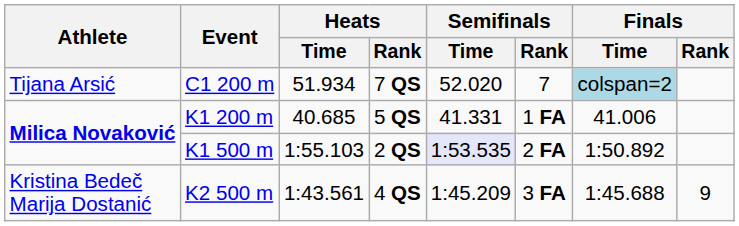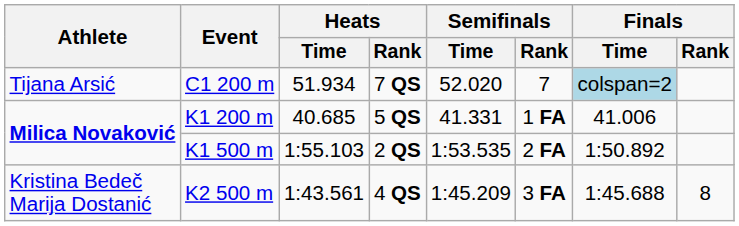 <table class="wikitable" style="font-size:90%">
 <tr>
 <th rowspan="2">Athlete</th>
 <th rowspan="2">Event</th>
 <th colspan=2>Heats</th>
 <th colspan=2>Semifinals</th>
 <th colspan=2>Finals</th>
 </tr>
 <tr style="font-size:95%">
 <th>Time</th>
 <th>Rank</th>
 <th>Time</th>
 <th>Rank</th>
 <th>Time</th>
 <th>Rank</th>
 </tr>
 <tr align=center>
 <td align=left><a href='#'>Tijana Arsić</a></td>
 <td align=left><a href='#'>C1 200 m</a></td>
 <td>51.934</td>
 <td>7 <strong>QS</strong></td>
 <td>52.020</td>
 <td>7</td>
 <td style="background: lightblue;">colspan=2 </td>
 </tr>
 <tr align=center>
 <td align=left rowspan=2><strong><a href='#'>Milica Novaković</a></strong></td>
 <td align=left><a href='#'>K1 200 m</a></td>
 <td>40.685</td>
 <td>5 <strong>QS</strong></td>
 <td>41.331</td>
 <td>1 <strong>FA</strong></td>
 <td>41.006</td>
 <td></td>
 </tr>
 <tr align=center>
 <td align=left><a href='#'>K1 500 m</a></td>
 <td>1:55.103</td>
 <td>2 <strong>QS</strong></td>
-<td style="background: lavender;">1:53.535</td>
+<td>1:53.535</td>
 <td>2 <strong>FA</strong></td>
 <td>1:50.892</td>
 <td></td>
 </tr>
 <tr align=center>
 <td align=left><a href='#'>Kristina Bedeč</a><br><a href='#'>Marija Dostanić</a></td>
 <td align=left><a href='#'>K2 500 m</a></td>
 <td>1:43.561</td>
 <td>4 <strong>QS</strong></td>
 <td>1:45.209</td>
 <td>3 <strong>FA</strong></td>
 <td>1:45.688</td>
-<td>9</td>
+<td>8</td>
 </tr>
 </table>
